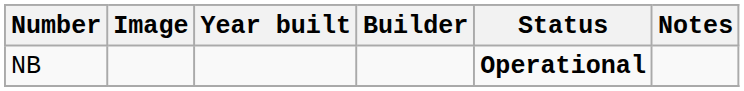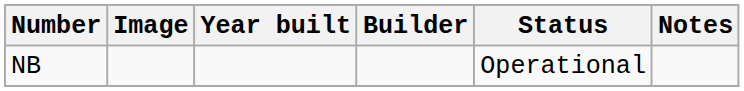 <table class="wikitable">
 <tr>
 <th>Number</th>
 <th>Image</th>
 <th>Year built</th>
 <th>Builder</th>
 <th>Status</th>
 <th>Notes</th>
 </tr>
 <tr>
 <td>NB</td>
 <td></td>
 <td></td>
 <td></td>
-<td><strong>Operational</strong></td>
+<td>Operational</td>
 <td></td>
 </tr>
 <tr>
 </tr>
 </table>
